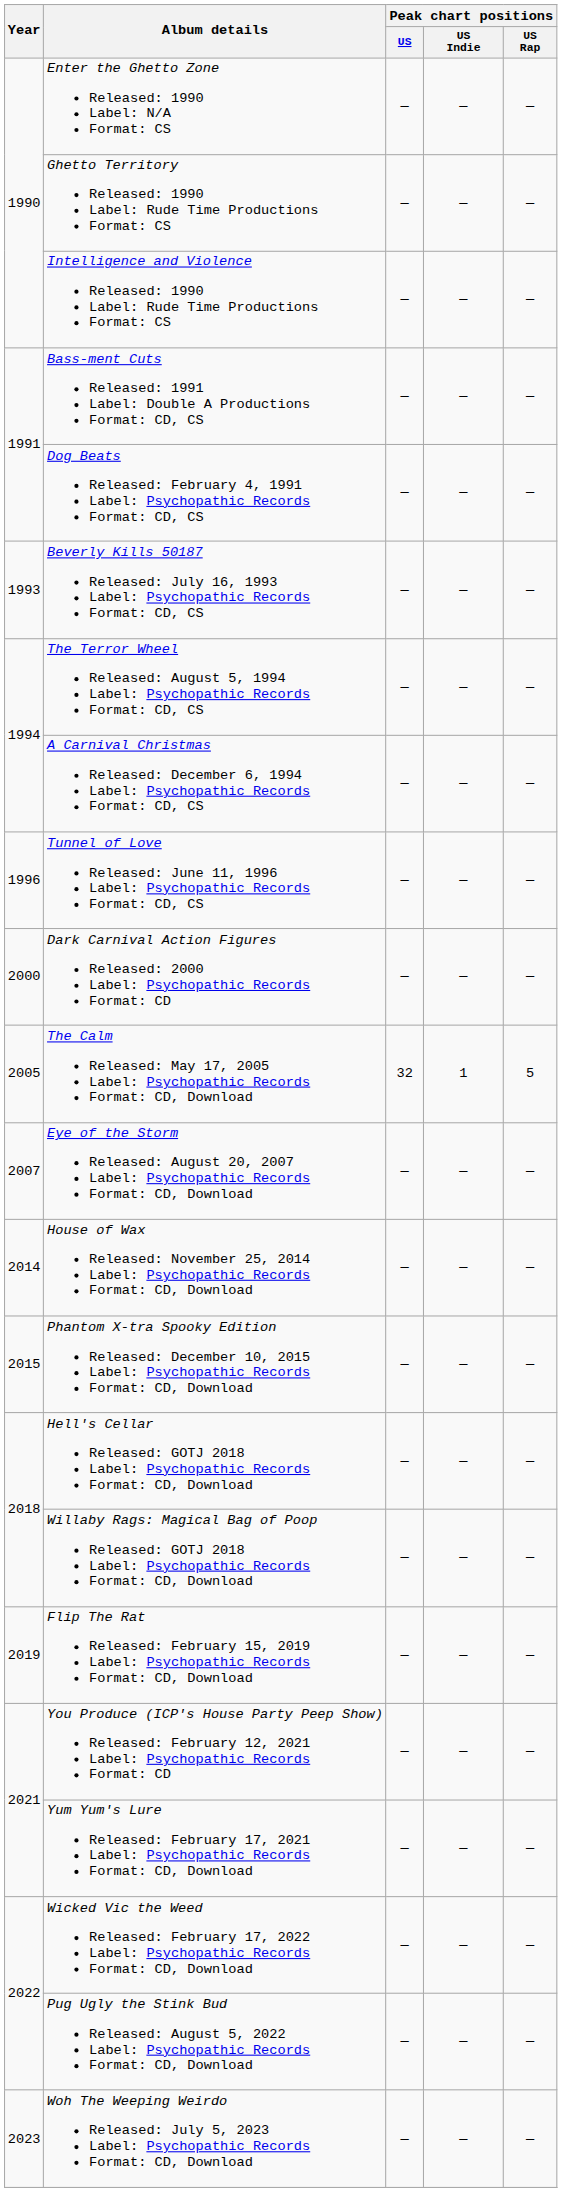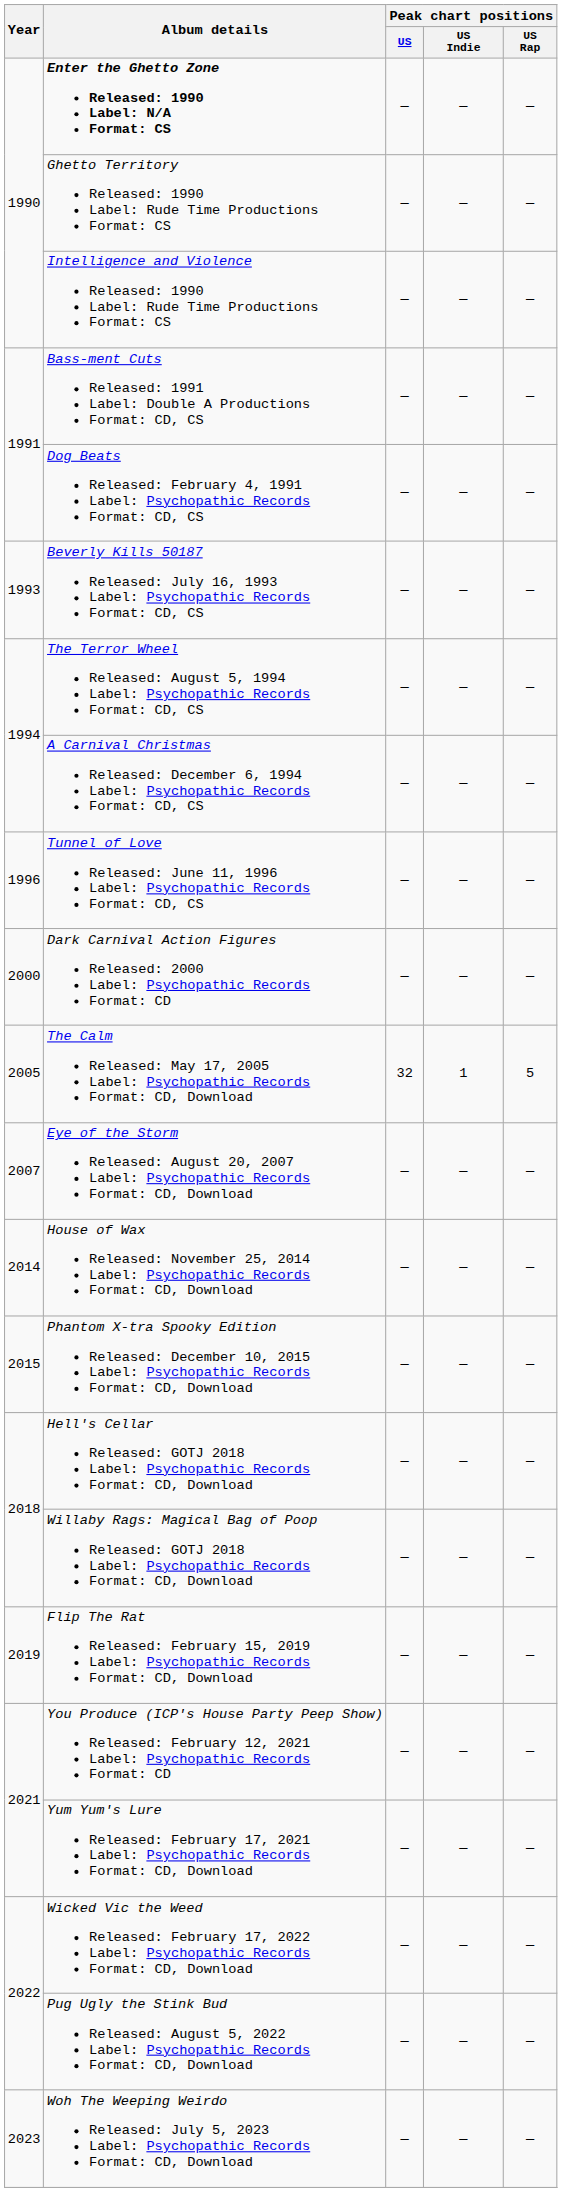 <table class="wikitable" style="text-align:center;">
 <tr>
 <th rowspan="2">Year</th>
 <th rowspan="2">Album details</th>
 <th colspan="3">Peak chart positions</th>
 </tr>
 <tr style="font-size:smaller;">
 <th width="30"><a href='#'>US</a><br></th>
 <th>US<br> Indie<br></th>
 <th>US<br> Rap<br></th>
 </tr>
 <tr>
 <td rowspan="3">1990<br></td>
-<td style="text-align:left"><em>Enter the Ghetto Zone</em><br><ul><li>Released: 1990</li><li>Label: N/A</li><li>Format: CS</li></ul></td>
+<td style="text-align:left"><strong><em>Enter the Ghetto Zone</em><br><ul><li>Released: 1990</li><li>Label: N/A</li><li>Format: CS</li></ul></strong></td>
 <td>—</td>
 <td>—</td>
 <td>—</td>
 </tr>
 <tr>
 <td style="text-align:left"><em>Ghetto Territory</em><br><ul><li>Released: 1990</li><li>Label: Rude Time Productions</li><li>Format: CS</li></ul></td>
 <td>—</td>
 <td>—</td>
 <td>—</td>
 </tr>
 <tr>
 <td style="text-align:left"><em><a href='#'>Intelligence and Violence</a></em><br><ul><li>Released: 1990</li><li>Label: Rude Time Productions</li><li>Format: CS</li></ul></td>
 <td>—</td>
 <td>—</td>
 <td>—</td>
 </tr>
 <tr>
 <td rowspan="2">1991</td>
 <td style="text-align:left"><em><a href='#'>Bass-ment Cuts</a></em><br><ul><li>Released: 1991</li><li>Label: Double A Productions</li><li>Format: CD, CS</li></ul></td>
 <td>—</td>
 <td>—</td>
 <td>—</td>
 </tr>
 <tr>
 <td style="text-align:left"><em><a href='#'>Dog Beats</a></em><br><ul><li>Released: February 4, 1991</li><li>Label: <a href='#'>Psychopathic Records</a></li><li>Format: CD, CS</li></ul></td>
 <td>—</td>
 <td>—</td>
 <td>—</td>
 </tr>
 <tr>
 <td>1993</td>
 <td style="text-align:left"><em><a href='#'>Beverly Kills 50187</a></em><br><ul><li>Released: July 16, 1993</li><li>Label: <a href='#'>Psychopathic Records</a></li><li>Format: CD, CS</li></ul></td>
 <td>—</td>
 <td>—</td>
 <td>—</td>
 </tr>
 <tr>
 <td rowspan="2">1994</td>
 <td style="text-align:left"><em><a href='#'>The Terror Wheel</a></em><br><ul><li>Released: August 5, 1994</li><li>Label: <a href='#'>Psychopathic Records</a></li><li>Format: CD, CS</li></ul></td>
 <td>—</td>
 <td>—</td>
 <td>—</td>
 </tr>
 <tr>
 <td style="text-align:left"><em><a href='#'>A Carnival Christmas</a></em><br><ul><li>Released: December 6, 1994</li><li>Label: <a href='#'>Psychopathic Records</a></li><li>Format: CD, CS</li></ul></td>
 <td>—</td>
 <td>—</td>
 <td>—</td>
 </tr>
 <tr>
 <td>1996</td>
 <td style="text-align:left"><em><a href='#'>Tunnel of Love</a></em><br><ul><li>Released: June 11, 1996</li><li>Label: <a href='#'>Psychopathic Records</a></li><li>Format: CD, CS</li></ul></td>
 <td>—</td>
 <td>—</td>
 <td>—</td>
 </tr>
 <tr>
 <td>2000</td>
 <td style="text-align:left"><em>Dark Carnival Action Figures</em><br><ul><li>Released: 2000</li><li>Label: <a href='#'>Psychopathic Records</a></li><li>Format: CD</li></ul></td>
 <td>—</td>
 <td>—</td>
 <td>—</td>
 </tr>
 <tr>
 <td>2005</td>
 <td style="text-align:left"><em><a href='#'>The Calm</a></em><br><ul><li>Released: May 17, 2005</li><li>Label: <a href='#'>Psychopathic Records</a></li><li>Format: CD, Download</li></ul></td>
 <td>32</td>
 <td>1</td>
 <td>5</td>
 </tr>
 <tr>
 <td>2007</td>
 <td style="text-align:left"><em><a href='#'>Eye of the Storm</a></em><br><ul><li>Released: August 20, 2007</li><li>Label: <a href='#'>Psychopathic Records</a></li><li>Format: CD, Download</li></ul></td>
 <td>—</td>
 <td>—</td>
 <td>—</td>
 </tr>
 <tr>
 <td>2014</td>
 <td style="text-align:left"><em>House of Wax</em><br><ul><li>Released: November 25, 2014</li><li>Label: <a href='#'>Psychopathic Records</a></li><li>Format: CD, Download</li></ul></td>
 <td>—</td>
 <td>—</td>
 <td>—</td>
 </tr>
 <tr>
 <td>2015</td>
 <td style="text-align:left"><em>Phantom X-tra Spooky Edition</em><br><ul><li>Released: December 10, 2015</li><li>Label: <a href='#'>Psychopathic Records</a></li><li>Format: CD, Download</li></ul></td>
 <td>—</td>
 <td>—</td>
 <td>—</td>
 </tr>
 <tr>
 <td rowspan="2">2018</td>
 <td style="text-align:left"><em>Hell's Cellar</em><br><ul><li>Released:  GOTJ 2018</li><li>Label: <a href='#'>Psychopathic Records</a></li><li>Format: CD, Download</li></ul></td>
 <td>—</td>
 <td>—</td>
 <td>—</td>
 </tr>
 <tr>
 <td style="text-align:left"><em>Willaby Rags: Magical Bag of Poop</em><br><ul><li>Released:  GOTJ 2018</li><li>Label: <a href='#'>Psychopathic Records</a></li><li>Format: CD, Download</li></ul></td>
 <td>—</td>
 <td>—</td>
 <td>—</td>
 </tr>
 <tr>
 <td>2019</td>
 <td style="text-align:left"><em>Flip The Rat</em><br><ul><li>Released: February 15, 2019</li><li>Label: <a href='#'>Psychopathic Records</a></li><li>Format: CD, Download</li></ul></td>
 <td>—</td>
 <td>—</td>
 <td>—</td>
 </tr>
 <tr>
 <td rowspan="2">2021</td>
 <td style="text-align:left"><em>You Produce (ICP's House Party Peep Show)</em><br><ul><li>Released: February 12, 2021</li><li>Label: <a href='#'>Psychopathic Records</a></li><li>Format: CD</li></ul></td>
 <td>—</td>
 <td>—</td>
 <td>—</td>
 </tr>
 <tr>
 <td style="text-align:left"><em>Yum Yum's Lure</em><br><ul><li>Released: February 17, 2021</li><li>Label: <a href='#'>Psychopathic Records</a></li><li>Format: CD, Download</li></ul></td>
 <td>—</td>
 <td>—</td>
 <td>—</td>
 </tr>
 <tr>
 <td rowspan="2">2022</td>
 <td style="text-align:left"><em>Wicked Vic the Weed</em><br><ul><li>Released: February 17, 2022</li><li>Label: <a href='#'>Psychopathic Records</a></li><li>Format: CD, Download</li></ul></td>
 <td>—</td>
 <td>—</td>
 <td>—</td>
 </tr>
 <tr>
 <td style="text-align:left"><em>Pug Ugly the Stink Bud</em><br><ul><li>Released: August 5, 2022</li><li>Label: <a href='#'>Psychopathic Records</a></li><li>Format: CD, Download</li></ul></td>
 <td>—</td>
 <td>—</td>
 <td>—</td>
 </tr>
 <tr>
 <td>2023</td>
 <td style="text-align:left"><em>Woh The Weeping Weirdo</em><br><ul><li>Released: July 5, 2023</li><li>Label: <a href='#'>Psychopathic Records</a></li><li>Format: CD, Download</li></ul></td>
 <td>—</td>
 <td>—</td>
 <td>—</td>
 </tr>
 <tr>
 </tr>
 </table>
